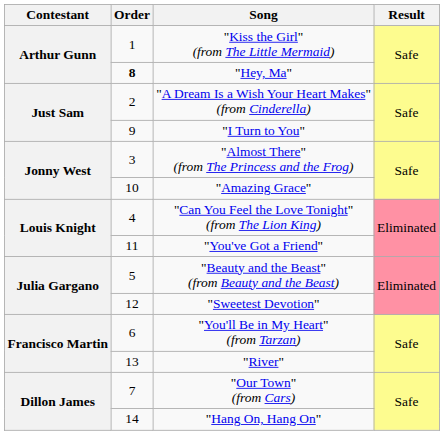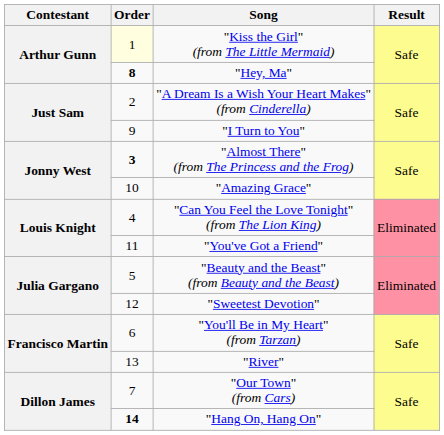 <table class="wikitable unsortable" style="text-align:center;">
 <tr>
 <th scope="col">Contestant</th>
 <th scope="col">Order</th>
 <th scope="col">Song</th>
 <th scope="col">Result</th>
 </tr>
 <tr>
 <th scope="row" rowspan="2">Arthur Gunn</th>
-<td>1</td>
+<td style="background: lightyellow;">1</td>
 <td>"<a href='#'>Kiss the Girl</a>"<br><em>(from <a href='#'>The Little Mermaid</a>)</em></td>
 <td rowspan="2" style="background:#FDFC8F;">Safe</td>
 </tr>
 <tr>
 <td><strong>8</strong></td>
 <td>"<a href='#'>Hey, Ma</a>"</td>
 </tr>
 <tr>
 <th scope="row" rowspan="2">Just Sam</th>
 <td>2</td>
 <td>"<a href='#'>A Dream Is a Wish Your Heart Makes</a>"<br><em>(from <a href='#'>Cinderella</a>)</em></td>
 <td rowspan="2" style="background:#FDFC8F;">Safe</td>
 </tr>
 <tr>
 <td>9</td>
 <td>"<a href='#'>I Turn to You</a>"</td>
 </tr>
 <tr>
 <th scope="row" rowspan="2">Jonny West</th>
-<td>3</td>
+<td><strong>3</strong></td>
 <td>"<a href='#'>Almost There</a>"<br><em>(from <a href='#'>The Princess and the Frog</a>)</em></td>
 <td rowspan="2" style="background:#FDFC8F;">Safe</td>
 </tr>
 <tr>
 <td>10</td>
 <td>"<a href='#'>Amazing Grace</a>"</td>
 </tr>
 <tr>
 <th scope="row" rowspan="2">Louis Knight</th>
 <td>4</td>
 <td>"<a href='#'>Can You Feel the Love Tonight</a>"<br><em>(from <a href='#'>The Lion King</a>)</em></td>
 <td rowspan="2" style="background:#FF91A4;">Eliminated</td>
 </tr>
 <tr>
 <td>11</td>
 <td>"<a href='#'>You've Got a Friend</a>"</td>
 </tr>
 <tr>
 <th scope="row" rowspan="2">Julia Gargano</th>
 <td>5</td>
 <td>"<a href='#'>Beauty and the Beast</a>"<br><em>(from <a href='#'>Beauty and the Beast</a>)</em></td>
 <td rowspan="2" style="background:#FF91A4;">Eliminated</td>
 </tr>
 <tr>
 <td>12</td>
 <td>"<a href='#'>Sweetest Devotion</a>"</td>
 </tr>
 <tr>
 <th scope="row" rowspan="2">Francisco Martin</th>
 <td>6</td>
 <td>"<a href='#'>You'll Be in My Heart</a>"<br><em>(from <a href='#'>Tarzan</a>)</em></td>
 <td rowspan="2" style="background:#FDFC8F;">Safe</td>
 </tr>
 <tr>
 <td>13</td>
 <td>"<a href='#'>River</a>"</td>
 </tr>
 <tr>
 <th scope="row" rowspan="2">Dillon James</th>
 <td>7</td>
 <td>"<a href='#'>Our Town</a>"<br><em>(from <a href='#'>Cars</a>)</em></td>
 <td rowspan="2" style="background:#FDFC8F;">Safe</td>
 </tr>
 <tr>
-<td>14</td>
+<td><strong>14</strong></td>
 <td>"<a href='#'>Hang On, Hang On</a>"</td>
 </tr>
 </table>
